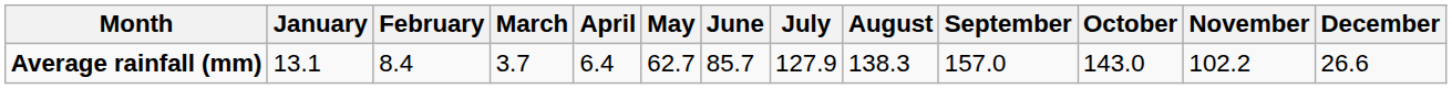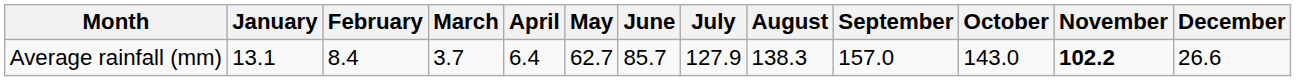 <table class="wikitable">
 <tr>
 <th scope="col">Month</th>
 <th scope="col">January</th>
 <th scope="col">February</th>
 <th scope="col">March</th>
 <th scope="col">April</th>
 <th scope="col">May</th>
 <th scope="col">June</th>
 <th scope="col">July</th>
 <th scope="col">August</th>
 <th scope="col">September</th>
 <th scope="col">October</th>
 <th scope="col">November</th>
 <th scope="col">December</th>
 </tr>
 <tr>
-<td><strong>Average rainfall (mm)</strong></td>
+<td>Average rainfall (mm)</td>
 <td>13.1</td>
 <td>8.4</td>
 <td>3.7</td>
 <td>6.4</td>
 <td>62.7</td>
 <td>85.7</td>
 <td>127.9</td>
 <td>138.3</td>
 <td>157.0</td>
 <td>143.0</td>
-<td>102.2</td>
+<td><strong>102.2</strong></td>
 <td>26.6</td>
 </tr>
 </table>
